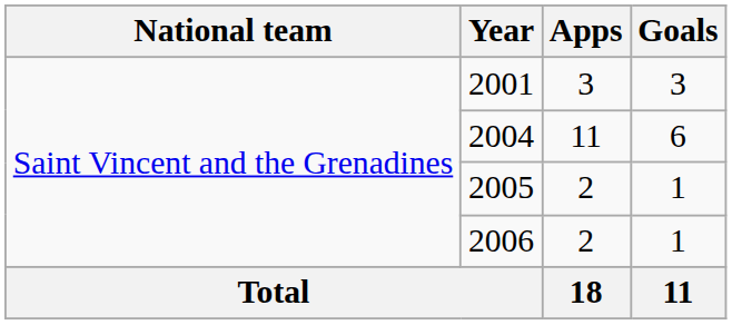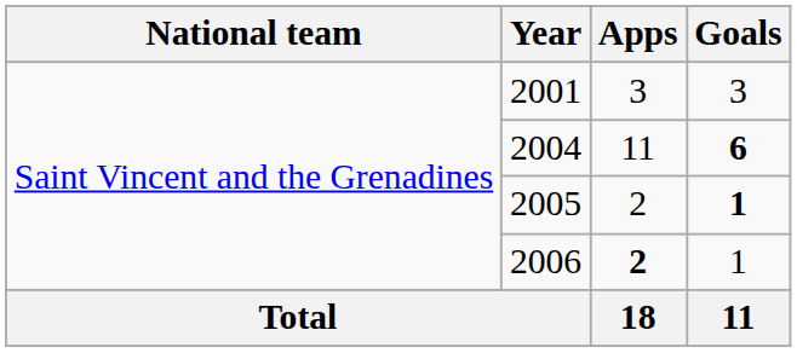 <table class="wikitable" style="text-align:center">
 <tr>
 <th>National team</th>
 <th>Year</th>
 <th>Apps</th>
 <th>Goals</th>
 </tr>
 <tr>
 <td rowspan="4"><a href='#'>Saint Vincent and the Grenadines</a></td>
 <td>2001</td>
 <td>3</td>
 <td>3</td>
 </tr>
 <tr>
 <td>2004</td>
 <td>11</td>
-<td>6</td>
+<td><strong>6</strong></td>
 </tr>
 <tr>
 <td>2005</td>
 <td>2</td>
-<td>1</td>
+<td><strong>1</strong></td>
 </tr>
 <tr>
 <td>2006</td>
-<td>2</td>
+<td><strong>2</strong></td>
 <td>1</td>
 </tr>
 <tr>
 <th colspan="2">Total</th>
 <th>18</th>
 <th>11</th>
 </tr>
 </table>
